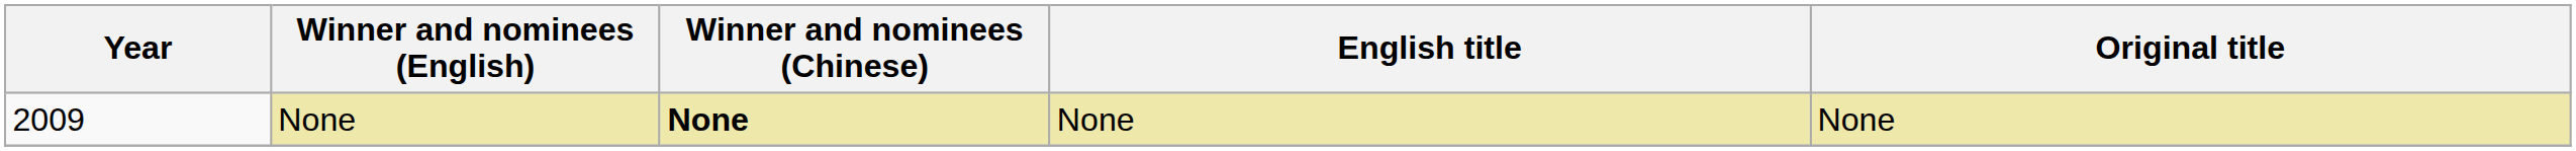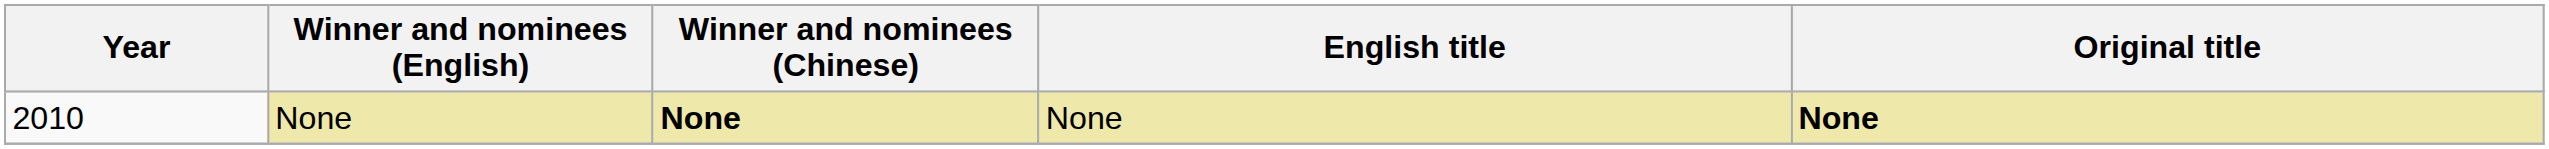 <table class="wikitable" style="width:100%;">
 <tr style="background:#bebebe">
 <th width="100"><strong>Year</strong></th>
 <th width="150"><strong>Winner and nominees<br>(English)</strong></th>
 <th width="150"><strong>Winner and nominees<br>(Chinese)</strong></th>
 <th width="300"><strong>English title</strong></th>
 <th width="300"><strong>Original title</strong></th>
 </tr>
 <tr>
-<td rowspan="1">2009</td>
+<td rowspan="1">2010</td>
 <td style="background:#EEE8AA;">None</td>
 <td style="background:#EEE8AA;"><strong>None</strong></td>
 <td style="background:#EEE8AA;">None</td>
-<td style="background:#EEE8AA;">None</td>
+<td style="background:#EEE8AA;"><strong>None</strong></td>
 </tr>
 <tr>
 </tr>
 </table>
